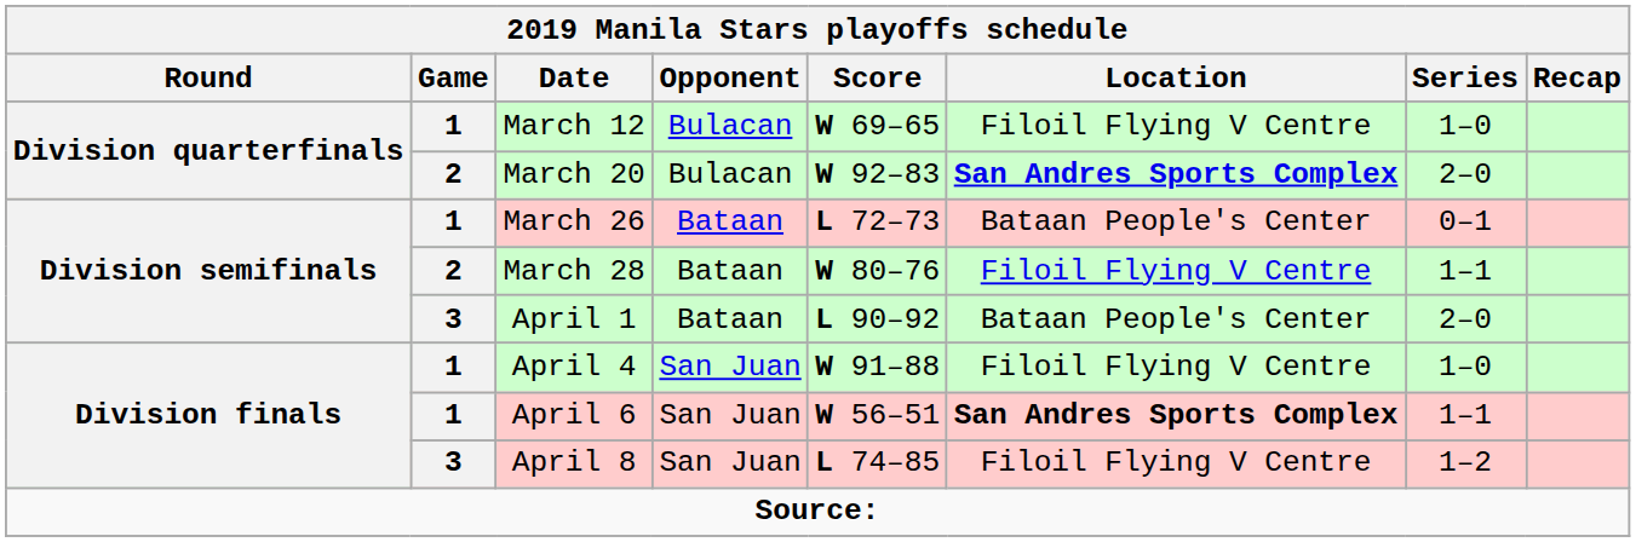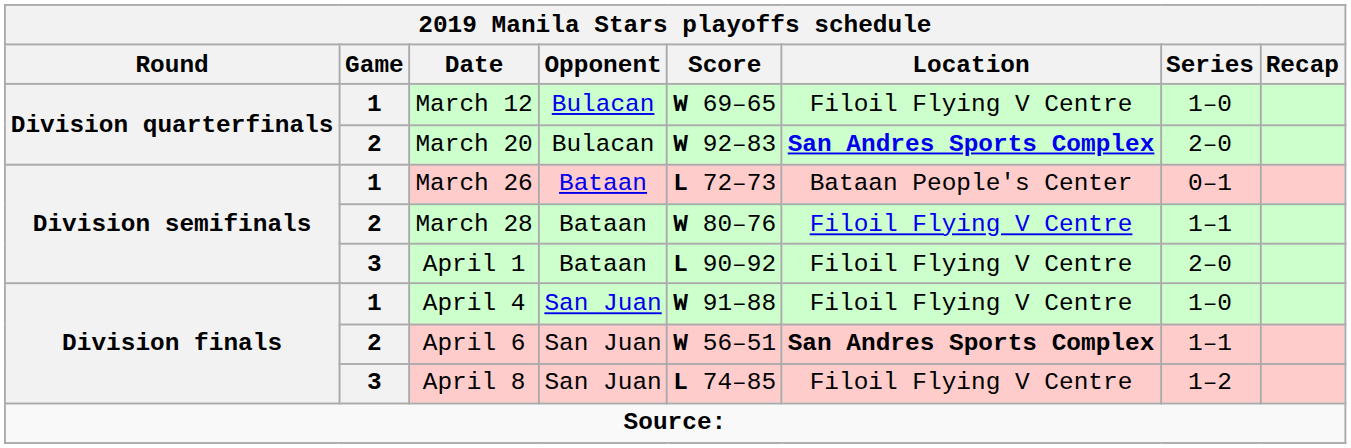 <table class="wikitable" style="text-align:center">
 <tr>
 <th colspan=8>2019 Manila Stars playoffs schedule</th>
 </tr>
 <tr>
 <th>Round</th>
 <th>Game</th>
 <th>Date</th>
 <th>Opponent</th>
 <th>Score</th>
 <th>Location</th>
 <th>Series</th>
 <th>Recap<br></th>
 </tr>
 <tr style="background:#cfc">
 <th rowspan=2>Division quarterfinals</th>
 <th>1</th>
 <td>March 12</td>
 <td><a href='#'>Bulacan</a></td>
 <td><strong>W</strong> 69–65</td>
 <td>Filoil Flying V Centre</td>
 <td>1–0</td>
 <td></td>
 </tr>
 <tr style="background:#cfc">
 <th>2</th>
 <td>March 20</td>
 <td>Bulacan</td>
 <td><strong>W</strong> 92–83</td>
 <td><strong><a href='#'>San Andres Sports Complex</a></strong></td>
 <td>2–0</td>
 <td><br></td>
 </tr>
 <tr style="background:#fcc">
 <th rowspan=3>Division semifinals</th>
 <th>1</th>
 <td>March 26</td>
 <td><a href='#'>Bataan</a></td>
 <td><strong>L</strong> 72–73</td>
 <td>Bataan People's Center</td>
 <td>0–1</td>
 <td></td>
 </tr>
 <tr style="background:#cfc">
 <th>2</th>
 <td>March 28</td>
 <td>Bataan</td>
 <td><strong>W</strong> 80–76</td>
 <td><a href='#'>Filoil Flying V Centre</a></td>
 <td>1–1</td>
 <td></td>
 </tr>
 <tr style="background:#cfc">
 <th>3</th>
 <td>April 1</td>
 <td>Bataan</td>
 <td><strong>L</strong> 90–92</td>
-<td>Bataan People's Center</td>
+<td>Filoil Flying V Centre</td>
 <td>2–0</td>
 <td><br></td>
 </tr>
 <tr style="background:#cfc">
 <th rowspan=3>Division finals</th>
 <th>1</th>
 <td>April 4</td>
 <td><a href='#'>San Juan</a></td>
 <td><strong>W</strong> 91–88</td>
 <td>Filoil Flying V Centre</td>
 <td>1–0</td>
 <td></td>
 </tr>
 <tr style="background:#fcc">
-<th>1</th>
+<th>2</th>
 <td>April 6</td>
 <td>San Juan</td>
 <td><strong>W</strong> 56–51</td>
 <td><strong>San Andres Sports Complex</strong></td>
 <td>1–1</td>
 <td></td>
 </tr>
 <tr style="background:#fcc">
 <th>3</th>
 <td>April 8</td>
 <td>San Juan</td>
 <td><strong>L</strong> 74–85</td>
 <td>Filoil Flying V Centre</td>
 <td>1–2</td>
 <td></td>
 </tr>
 <tr>
 <td colspan=8 align=center><strong>Source: </strong></td>
 </tr>
 </table>
